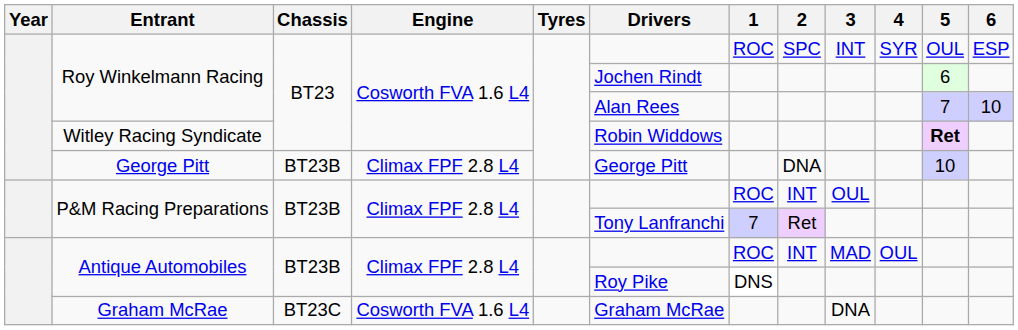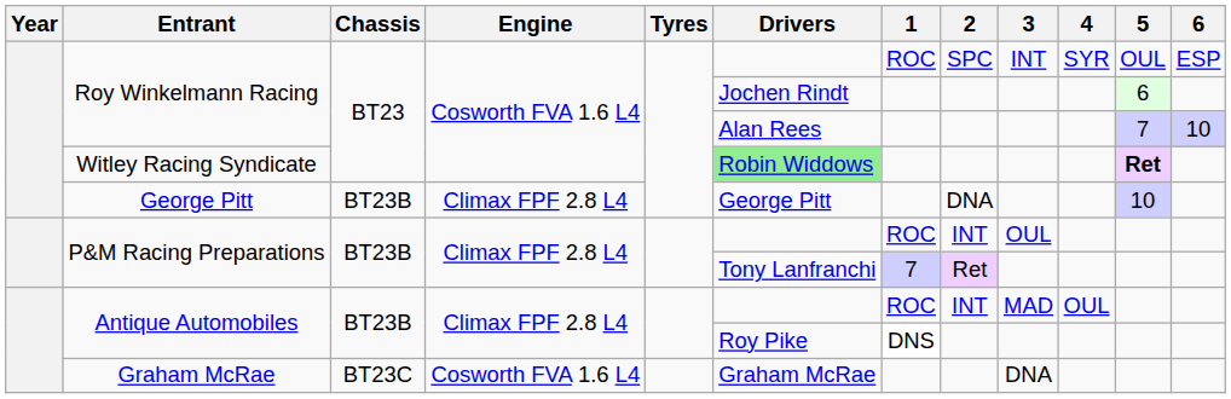 <table class="wikitable" style="font-size:90%; text-align:center">
 <tr>
 <th>Year</th>
 <th>Entrant</th>
 <th>Chassis</th>
 <th>Engine</th>
 <th>Tyres</th>
 <th>Drivers</th>
 <th>1</th>
 <th>2</th>
 <th>3</th>
 <th>4</th>
 <th>5</th>
 <th>6</th>
 </tr>
 <tr>
 <th rowspan="5"></th>
 <td rowspan="3">Roy Winkelmann Racing</td>
 <td rowspan="4">BT23</td>
 <td rowspan="4"><a href='#'>Cosworth FVA</a> 1.6 <a href='#'>L4</a></td>
 <td rowspan="5"></td>
 <td></td>
 <td><a href='#'>ROC</a></td>
 <td><a href='#'>SPC</a></td>
 <td><a href='#'>INT</a></td>
 <td><a href='#'>SYR</a></td>
 <td><a href='#'>OUL</a></td>
 <td><a href='#'>ESP</a></td>
 </tr>
 <tr>
 <td style="text-align:left"> <a href='#'>Jochen Rindt</a></td>
 <td></td>
 <td></td>
 <td></td>
 <td></td>
 <td style="background:#DFFFDF;">6</td>
 <td></td>
 </tr>
 <tr>
 <td style="text-align:left"> <a href='#'>Alan Rees</a></td>
 <td></td>
 <td></td>
 <td></td>
 <td></td>
 <td style="background:#CFCFFF;">7</td>
 <td style="background:#CFCFFF;">10</td>
 </tr>
 <tr>
 <td>Witley Racing Syndicate</td>
-<td style="text-align:left"> <a href='#'>Robin Widdows</a></td>
+<td style="background: lightgreen; text-align:left"> <a href='#'>Robin Widdows</a></td>
 <td></td>
 <td></td>
 <td></td>
 <td></td>
 <td style="background:#EFCFFF;"><strong>Ret</strong></td>
 <td></td>
 </tr>
 <tr>
 <td><a href='#'>George Pitt</a></td>
 <td>BT23B</td>
 <td><a href='#'>Climax FPF</a> 2.8 <a href='#'>L4</a></td>
 <td style="text-align:left"> <a href='#'>George Pitt</a></td>
 <td></td>
 <td>DNA</td>
 <td></td>
 <td></td>
 <td style="background:#CFCFFF;">10</td>
 <td></td>
 </tr>
 <tr>
 <th rowspan="2"></th>
 <td rowspan="2">P&M Racing Preparations</td>
 <td rowspan="2">BT23B</td>
 <td rowspan="2"><a href='#'>Climax FPF</a> 2.8 <a href='#'>L4</a></td>
 <td rowspan="2"></td>
 <td></td>
 <td><a href='#'>ROC</a></td>
 <td><a href='#'>INT</a></td>
 <td><a href='#'>OUL</a></td>
 <td></td>
 <td></td>
 <td></td>
 </tr>
 <tr>
 <td style="text-align:left"> <a href='#'>Tony Lanfranchi</a></td>
 <td style="background:#CFCFFF;">7</td>
 <td style="background:#EFCFFF;">Ret</td>
 <td></td>
 <td></td>
 <td></td>
 <td></td>
 </tr>
 <tr>
 <th rowspan="3"></th>
 <td rowspan="2"><a href='#'>Antique Automobiles</a></td>
 <td rowspan="2">BT23B</td>
 <td rowspan="2"><a href='#'>Climax FPF</a> 2.8 <a href='#'>L4</a></td>
 <td rowspan="2"></td>
 <td></td>
 <td><a href='#'>ROC</a></td>
 <td><a href='#'>INT</a></td>
 <td><a href='#'>MAD</a></td>
 <td><a href='#'>OUL</a></td>
 <td></td>
 <td></td>
 </tr>
 <tr>
 <td style="text-align:left"> <a href='#'>Roy Pike</a></td>
 <td style="background:#FFFFFF;">DNS</td>
 <td></td>
 <td></td>
 <td></td>
 <td></td>
 <td></td>
 </tr>
 <tr>
 <td><a href='#'>Graham McRae</a></td>
 <td>BT23C</td>
 <td><a href='#'>Cosworth FVA</a> 1.6 <a href='#'>L4</a></td>
 <td></td>
 <td style="text-align:left"> <a href='#'>Graham McRae</a></td>
 <td></td>
 <td></td>
 <td>DNA</td>
 <td></td>
 <td></td>
 <td></td>
 </tr>
 </table>
